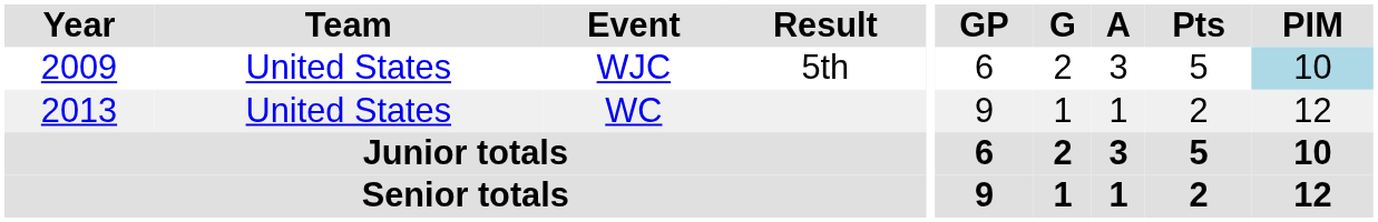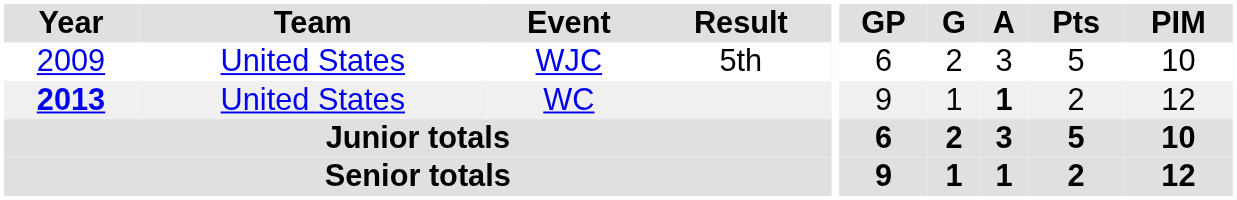 <table border="0" cellpadding="1" cellspacing="0" ID="Table3" style="text-align:center; width:40em">
 <tr ALIGN="center" bgcolor="#e0e0e0">
 <th>Year</th>
 <th>Team</th>
 <th>Event</th>
 <th>Result</th>
 <th rowspan="99" bgcolor="#ffffff"></th>
 <th>GP</th>
 <th>G</th>
 <th>A</th>
 <th>Pts</th>
 <th>PIM</th>
 </tr>
 <tr ALIGN="center">
 <td><a href='#'>2009</a></td>
 <td><a href='#'>United States</a></td>
 <td><a href='#'>WJC</a></td>
 <td>5th</td>
 <td>6</td>
 <td>2</td>
 <td>3</td>
 <td>5</td>
-<td style="background: lightblue;">10</td>
+<td>10</td>
 </tr>
 <tr ALIGN="center"  bgcolor="#f0f0f0">
-<td><a href='#'>2013</a></td>
+<td><strong><a href='#'>2013</a></strong></td>
 <td><a href='#'>United States</a></td>
 <td><a href='#'>WC</a></td>
 <td></td>
 <td>9</td>
 <td>1</td>
-<td>1</td>
+<td><strong>1</strong></td>
 <td>2</td>
 <td>12</td>
 </tr>
 <tr bgcolor="#e0e0e0">
 <th colspan="4">Junior totals</th>
 <th>6</th>
 <th>2</th>
 <th>3</th>
 <th>5</th>
 <th>10</th>
 </tr>
 <tr bgcolor="#e0e0e0">
 <th colspan="4">Senior totals</th>
 <th>9</th>
 <th>1</th>
 <th>1</th>
 <th>2</th>
 <th>12</th>
 </tr>
 </table>
